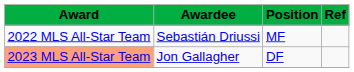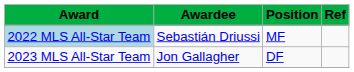 <table class="wikitable">
 <tr style="background:#cccccc;">
 <th style="background:#00AE42; color:#000000">Award</th>
 <th style="background:#00AE42; color:#000000">Awardee</th>
 <th style="background:#00AE42; color:#000000">Position</th>
 <th style="background:#00AE42; color:#000000">Ref</th>
 </tr>
 <tr>
 </tr>
 <tr>
-<td><a href='#'>2022 MLS All-Star Team</a></td>
+<td style="background: lightblue;"><a href='#'>2022 MLS All-Star Team</a></td>
 <td> <a href='#'>Sebastián Driussi</a></td>
 <td><a href='#'>MF</a></td>
 <td style="text-align: center;"></td>
 </tr>
 <tr>
-<td style="background: lightsalmon;"><a href='#'>2023 MLS All-Star Team</a></td>
+<td><a href='#'>2023 MLS All-Star Team</a></td>
 <td> <a href='#'>Jon Gallagher</a></td>
 <td><a href='#'>DF</a></td>
 <td style="text-align: center;"></td>
 </tr>
 <tr>
 </tr>
 </table>
